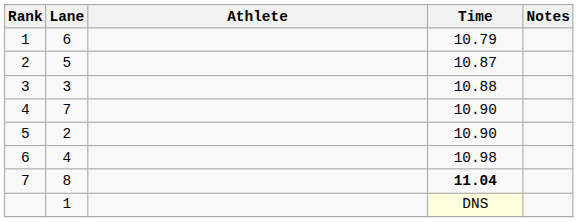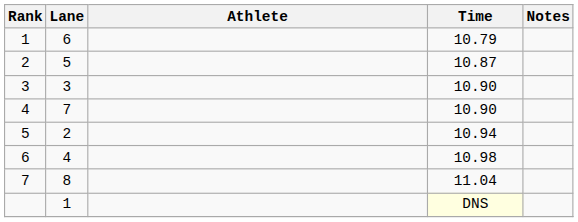 <table class="wikitable" style="text-align:center">
 <tr>
 <th>Rank</th>
 <th>Lane</th>
 <th width=300>Athlete</th>
 <th width=80>Time</th>
 <th>Notes</th>
 </tr>
 <tr>
 <td>1</td>
 <td>6</td>
 <td align=left></td>
 <td>10.79</td>
 <td></td>
 </tr>
 <tr>
 <td>2</td>
 <td>5</td>
 <td align=left></td>
 <td>10.87</td>
 <td></td>
 </tr>
 <tr>
 <td>3</td>
 <td>3</td>
 <td align=left></td>
-<td>10.88</td>
+<td>10.90</td>
 <td></td>
 </tr>
 <tr>
 <td>4</td>
 <td>7</td>
 <td align=left></td>
 <td>10.90</td>
 <td></td>
 </tr>
 <tr>
 <td>5</td>
 <td>2</td>
 <td align=left></td>
-<td>10.90</td>
+<td>10.94</td>
 <td></td>
 </tr>
 <tr>
 <td>6</td>
 <td>4</td>
 <td align=left></td>
 <td>10.98</td>
 <td></td>
 </tr>
 <tr>
 <td>7</td>
 <td>8</td>
 <td align=left></td>
-<td><strong>11.04</strong></td>
+<td>11.04</td>
 <td></td>
 </tr>
 <tr>
 <td></td>
 <td>1</td>
 <td align=left></td>
 <td style="background: lightyellow;">DNS</td>
 <td></td>
 </tr>
 <tr>
 </tr>
 </table>
